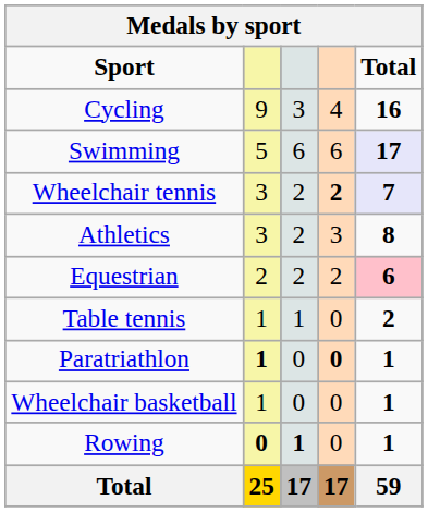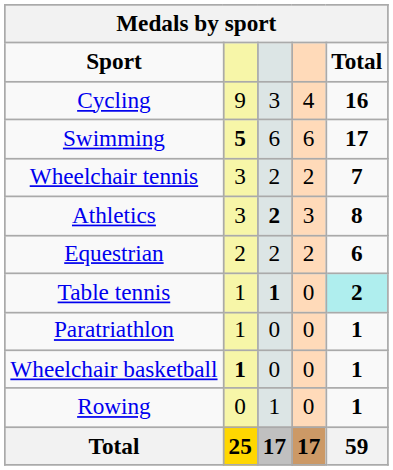 <table class="wikitable" style="font-size:85%">
 <tr style="background:#efefef;">
 <th colspan=7>Medals by sport</th>
 </tr>
 <tr align=center>
 <td><strong>Sport</strong></td>
 <td bgcolor=#f7f6a8></td>
 <td bgcolor=#dce5e5></td>
 <td bgcolor=#ffdab9></td>
 <td><strong>Total</strong></td>
 </tr>
 <tr align=center>
 <td><a href='#'>Cycling</a></td>
 <td style="background:#F7F6A8;">9</td>
 <td style="background:#DCE5E5;">3</td>
 <td style="background:#FFDAB9;">4</td>
 <td><strong>16</strong></td>
 </tr>
 <tr align=center>
 <td><a href='#'>Swimming</a></td>
-<td style="background:#F7F6A8;">5</td>
+<td style="background:#F7F6A8;"><strong>5</strong></td>
 <td style="background:#DCE5E5;">6</td>
 <td style="background:#FFDAB9;">6</td>
-<td style="background: lavender;"><strong>17</strong></td>
+<td><strong>17</strong></td>
 </tr>
 <tr align=center>
 <td><a href='#'>Wheelchair tennis</a></td>
 <td style="background:#F7F6A8;">3</td>
 <td style="background:#DCE5E5;">2</td>
-<td style="background:#FFDAB9;"><strong>2</strong></td>
-<td style="background: lavender;"><strong>7</strong></td>
+<td style="background:#FFDAB9;">2</td>
+<td><strong>7</strong></td>
 </tr>
 <tr align=center>
 <td><a href='#'>Athletics</a></td>
 <td style="background:#F7F6A8;">3</td>
-<td style="background:#DCE5E5;">2</td>
+<td style="background:#DCE5E5;"><strong>2</strong></td>
 <td style="background:#FFDAB9;">3</td>
 <td><strong>8</strong></td>
 </tr>
 <tr align=center>
 <td><a href='#'>Equestrian</a></td>
 <td style="background:#F7F6A8;">2</td>
 <td style="background:#DCE5E5;">2</td>
 <td style="background:#FFDAB9;">2</td>
-<td style="background: pink;"><strong>6</strong></td>
+<td><strong>6</strong></td>
 </tr>
 <tr align=center>
 <td><a href='#'>Table tennis</a></td>
 <td style="background:#F7F6A8;">1</td>
-<td style="background:#DCE5E5;">1</td>
+<td style="background:#DCE5E5;"><strong>1</strong></td>
 <td style="background:#FFDAB9;">0</td>
-<td><strong>2</strong></td>
+<td style="background: paleturquoise;"><strong>2</strong></td>
 </tr>
 <tr align=center>
 <td><a href='#'>Paratriathlon</a></td>
-<td style="background:#F7F6A8;"><strong>1</strong></td>
-<td style="background:#DCE5E5;">0</td>
-<td style="background:#FFDAB9;"><strong>0</strong></td>
-<td><strong>1</strong></td>
-</tr>
-<tr align=center>
-<td><a href='#'>Wheelchair basketball</a></td>
 <td style="background:#F7F6A8;">1</td>
 <td style="background:#DCE5E5;">0</td>
 <td style="background:#FFDAB9;">0</td>
 <td><strong>1</strong></td>
 </tr>
 <tr align=center>
+<td><a href='#'>Wheelchair basketball</a></td>
+<td style="background:#F7F6A8;"><strong>1</strong></td>
+<td style="background:#DCE5E5;">0</td>
+<td style="background:#FFDAB9;">0</td>
+<td><strong>1</strong></td>
+</tr>
+<tr align=center>
 <td><a href='#'>Rowing</a></td>
-<td style="background:#F7F6A8;"><strong>0</strong></td>
-<td style="background:#DCE5E5;"><strong>1</strong></td>
+<td style="background:#F7F6A8;">0</td>
+<td style="background:#DCE5E5;">1</td>
 <td style="background:#FFDAB9;">0</td>
 <td><strong>1</strong></td>
 </tr>
 <tr align=center>
 <th>Total</th>
 <th style="background:gold;">25</th>
 <th style="background:silver;">17</th>
 <th style="background:#c96;">17</th>
 <th>59</th>
 </tr>
 </table>
